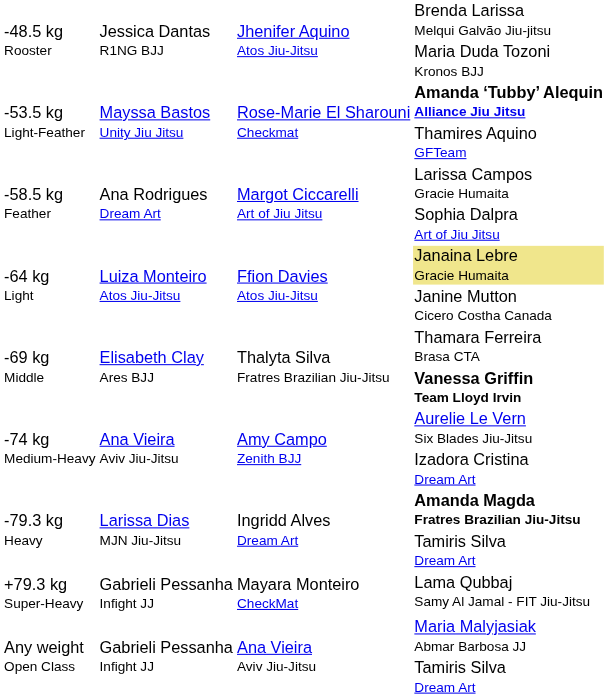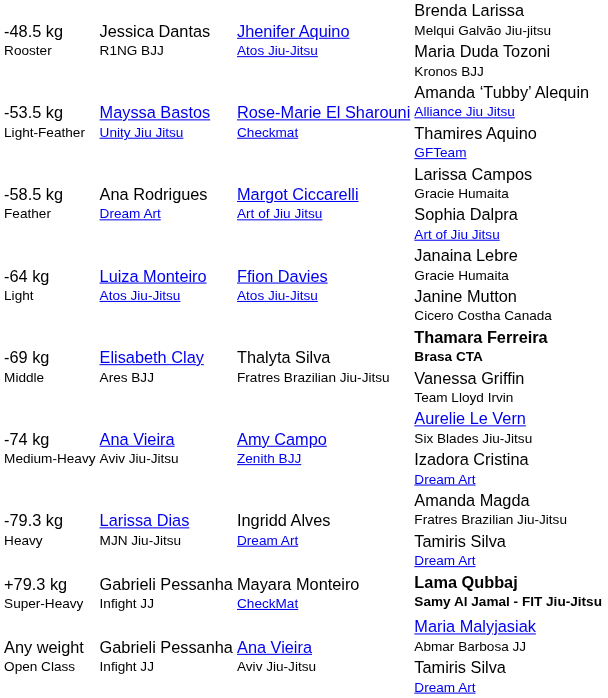 <table>
 <tr>
 <td rowspan=2>-48.5 kg<br><small>Rooster</small></td>
 <td rowspan=2> Jessica Dantas<br><small>R1NG BJJ</small></td>
 <td rowspan=2> <a href='#'>Jhenifer Aquino</a><br><small><a href='#'>Atos Jiu-Jitsu</a></small></td>
 <td> Brenda Larissa<br><small>Melqui Galvão Jiu-jitsu</small></td>
 </tr>
 <tr>
 <td> Maria Duda Tozoni<br><small>Kronos BJJ</small></td>
 </tr>
 <tr>
 <td rowspan=2>-53.5 kg<br><small>Light-Feather</small></td>
 <td rowspan=2> <a href='#'>Mayssa Bastos</a><br><small><a href='#'>Unity Jiu Jitsu</a></small></td>
 <td rowspan=2> <a href='#'>Rose-Marie El Sharouni</a><br><small><a href='#'>Checkmat</a></small></td>
-<td><strong> Amanda ‘Tubby’ Alequin<br><small><a href='#'>Alliance Jiu Jitsu</a></small></strong></td>
+<td> Amanda ‘Tubby’ Alequin<br><small><a href='#'>Alliance Jiu Jitsu</a></small></td>
 </tr>
 <tr>
 <td> Thamires Aquino<br><small><a href='#'>GFTeam</a></small></td>
 </tr>
 <tr>
 <td rowspan=2>-58.5 kg<br><small>Feather</small></td>
 <td rowspan=2> Ana Rodrigues<br><small><a href='#'>Dream Art</a></small></td>
 <td rowspan=2> <a href='#'>Margot Ciccarelli</a><br><small><a href='#'>Art of Jiu Jitsu</a></small></td>
 <td> Larissa Campos<br><small>Gracie Humaita</small></td>
 </tr>
 <tr>
 <td>Sophia Dalpra<br><small><a href='#'>Art of Jiu Jitsu</a></small></td>
 </tr>
 <tr>
 <td rowspan=2>-64 kg<br><small>Light</small></td>
 <td rowspan=2> <a href='#'>Luiza Monteiro</a><br><small><a href='#'>Atos Jiu-Jitsu</a></small></td>
 <td rowspan=2> <a href='#'>Ffion Davies</a><br><small><a href='#'>Atos Jiu-Jitsu</a></small></td>
-<td style="background: khaki;"> Janaina Lebre<br><small>Gracie Humaita</small></td>
+<td> Janaina Lebre<br><small>Gracie Humaita</small></td>
 </tr>
 <tr>
 <td> Janine Mutton<br><small>Cicero Costha Canada</small></td>
 </tr>
 <tr>
 <td rowspan=2>-69 kg<br><small>Middle</small></td>
 <td rowspan=2> <a href='#'>Elisabeth Clay</a><br><small>Ares BJJ</small></td>
 <td rowspan=2> Thalyta Silva<br><small>Fratres Brazilian Jiu-Jitsu</small></td>
-<td> Thamara Ferreira<br><small>Brasa CTA</small></td>
+<td><strong> Thamara Ferreira<br><small>Brasa CTA</small></strong></td>
 </tr>
 <tr>
-<td><strong> Vanessa Griffin<br><small>Team Lloyd Irvin</small></strong></td>
+<td> Vanessa Griffin<br><small>Team Lloyd Irvin</small></td>
 </tr>
 <tr>
 <td rowspan=2>-74 kg<br><small>Medium-Heavy</small></td>
 <td rowspan=2> <a href='#'>Ana Vieira</a><br><small>Aviv Jiu-Jitsu</small></td>
 <td rowspan=2> <a href='#'>Amy Campo</a><br><small><a href='#'>Zenith BJJ</a></small></td>
 <td> <a href='#'>Aurelie Le Vern</a><br><small>Six Blades Jiu-Jitsu</small></td>
 </tr>
 <tr>
 <td> Izadora Cristina<br><small><a href='#'>Dream Art</a></small></td>
 </tr>
 <tr>
 <td rowspan=2>-79.3 kg<br><small>Heavy</small></td>
 <td rowspan=2> <a href='#'>Larissa Dias</a><br><small>MJN Jiu-Jitsu</small></td>
 <td rowspan=2> Ingridd Alves<br><small><a href='#'>Dream Art</a></small></td>
-<td><strong> Amanda Magda<br><small>Fratres Brazilian Jiu-Jitsu</small></strong></td>
+<td> Amanda Magda<br><small>Fratres Brazilian Jiu-Jitsu</small></td>
 </tr>
 <tr>
 <td> Tamiris Silva<br><small><a href='#'>Dream Art</a></small></td>
 </tr>
 <tr>
 <td rowspan=2>+79.3 kg<br><small>Super-Heavy</small></td>
 <td rowspan=2> Gabrieli Pessanha<br><small>Infight JJ</small></td>
 <td rowspan=2> Mayara Monteiro<br><small><a href='#'>CheckMat</a></small></td>
-<td> Lama Qubbaj<br><small>Samy Al Jamal - FIT Jiu-Jitsu</small></td>
+<td><strong> Lama Qubbaj<br><small>Samy Al Jamal - FIT Jiu-Jitsu</small></strong></td>
 </tr>
 <tr>
 <td></td>
 </tr>
 <tr>
 <td rowspan=2>Any weight<br><small>Open Class</small></td>
 <td rowspan=2> Gabrieli Pessanha<br><small>Infight JJ</small></td>
 <td rowspan=2> <a href='#'>Ana Vieira</a><br><small>Aviv Jiu-Jitsu</small></td>
 <td> <a href='#'>Maria Malyjasiak</a><br><small>Abmar Barbosa JJ</small></td>
 </tr>
 <tr>
 <td> Tamiris Silva<br><small><a href='#'>Dream Art</a></small></td>
 </tr>
 <tr>
 </tr>
 </table>
